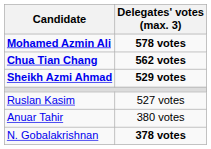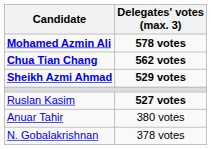 <table class=wikitable style=text-align:center>
 <tr>
 <th>Candidate</th>
 <th>Delegates' votes<br>(max. 3)</th>
 </tr>
 <tr>
 <td align=left><strong><a href='#'>Mohamed Azmin Ali</a></strong></td>
 <td><strong>578 votes</strong></td>
 </tr>
 <tr>
 <td align=left><strong><a href='#'>Chua Tian Chang</a></strong></td>
 <td><strong>562 votes</strong></td>
 </tr>
 <tr>
 <td align=left><strong><a href='#'>Sheikh Azmi Ahmad</a></strong></td>
 <td><strong>529 votes</strong></td>
 </tr>
 <tr>
 <td colspan=3 bgcolor=dcdcdc></td>
 </tr>
 <tr>
 <td align=left><a href='#'>Ruslan Kasim</a></td>
-<td>527 votes</td>
+<td><strong>527 votes</strong></td>
 </tr>
 <tr>
 <td align=left><a href='#'>Anuar Tahir</a></td>
 <td>380 votes</td>
 </tr>
 <tr>
 <td align=left><a href='#'>N. Gobalakrishnan</a></td>
-<td><strong>378 votes</strong></td>
+<td>378 votes</td>
 </tr>
 </table>
